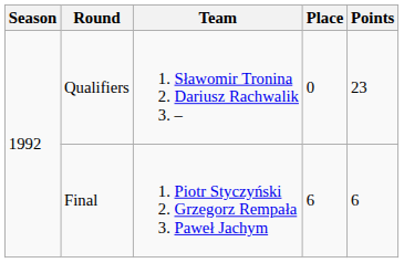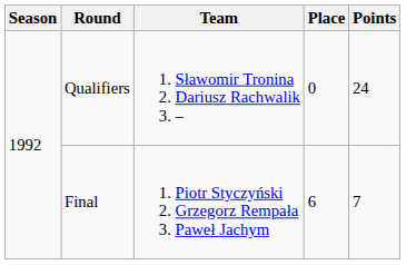 <table class="wikitable">
 <tr>
 <th>Season</th>
 <th>Round</th>
 <th>Team</th>
 <th>Place</th>
 <th>Points</th>
 </tr>
 <tr>
 <td rowspan="2">1992</td>
 <td>Qualifiers</td>
 <td style="padding-left:0"><br><ol><li><a href='#'>Sławomir Tronina</a></li><li><a href='#'>Dariusz Rachwalik</a></li><li>–</li></ol></td>
 <td>0</td>
-<td>23</td>
+<td>24</td>
 </tr>
 <tr>
 <td>Final</td>
 <td style="padding-left:0"><br><ol><li><a href='#'>Piotr Styczyński</a></li><li><a href='#'>Grzegorz Rempała</a></li><li><a href='#'>Paweł Jachym</a></li></ol></td>
 <td>6</td>
-<td>6</td>
+<td>7</td>
 </tr>
 </table>
